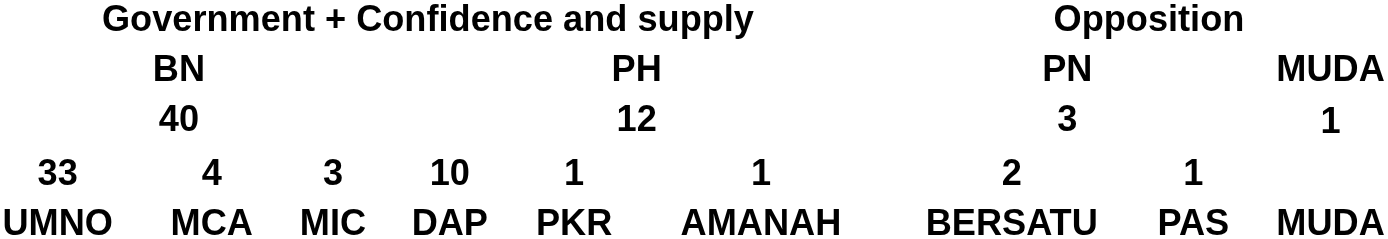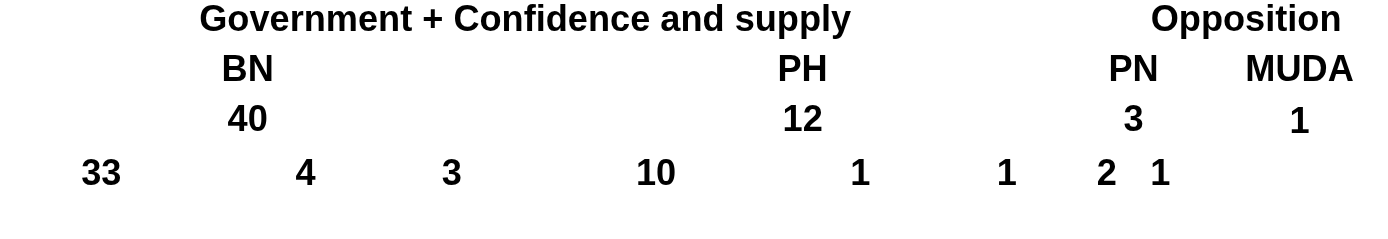 <table style="width:40em;">
 <tr style="text-align:center;">
 <td colspan="6" style="color:"><strong>Government + Confidence and supply</strong></td>
 <td colspan="3" style="color:"><strong>Opposition</strong></td>
 </tr>
 <tr style="text-align:center;">
 <td colspan="3" style="color:"><strong>BN</strong></td>
 <td colspan="3" style="color:"><strong>PH</strong></td>
 <td colspan="2" style="color:"><strong>PN</strong></td>
 <th align="center" style="color:">MUDA</th>
 </tr>
 <tr style="text-align:center;">
 <td colspan="3" style="background:"><strong>40</strong></td>
 <td colspan="3" style="background:"><strong>12</strong></td>
 <td colspan="2" style="background:"><strong>3</strong></td>
 <td rowspan="2" align="center" style="background:"><strong>1</strong></td>
 </tr>
 <tr>
 </tr>
 <tr style="text-align:center;">
 <td style="background:"><strong>33</strong></td>
 <td style="background:"><strong>4</strong></td>
 <td style="background:"><strong>3</strong></td>
 <td style="background:"><strong>10</strong></td>
 <td style="background:"><strong>1</strong></td>
 <td style="background:"><strong>1</strong></td>
 <td style="background:"><strong>2</strong></td>
 <td style="background:"><strong>1</strong></td>
 </tr>
-<tr style="text-align:center;">
-<td style="color:"><strong>UMNO</strong></td>
-<td style="color:"><strong>MCA</strong></td>
-<td style="color:"><strong>MIC</strong></td>
-<td style="color:"><strong>DAP</strong></td>
-<td style="color:"><strong>PKR</strong></td>
-<td style="color:"><strong>AMANAH</strong></td>
-<td style="color:"><strong>BERSATU</strong></td>
-<td style="color:"><strong>PAS</strong></td>
-<th align="center" style="color:#000000;">MUDA</th>
-</tr>
 </table>
